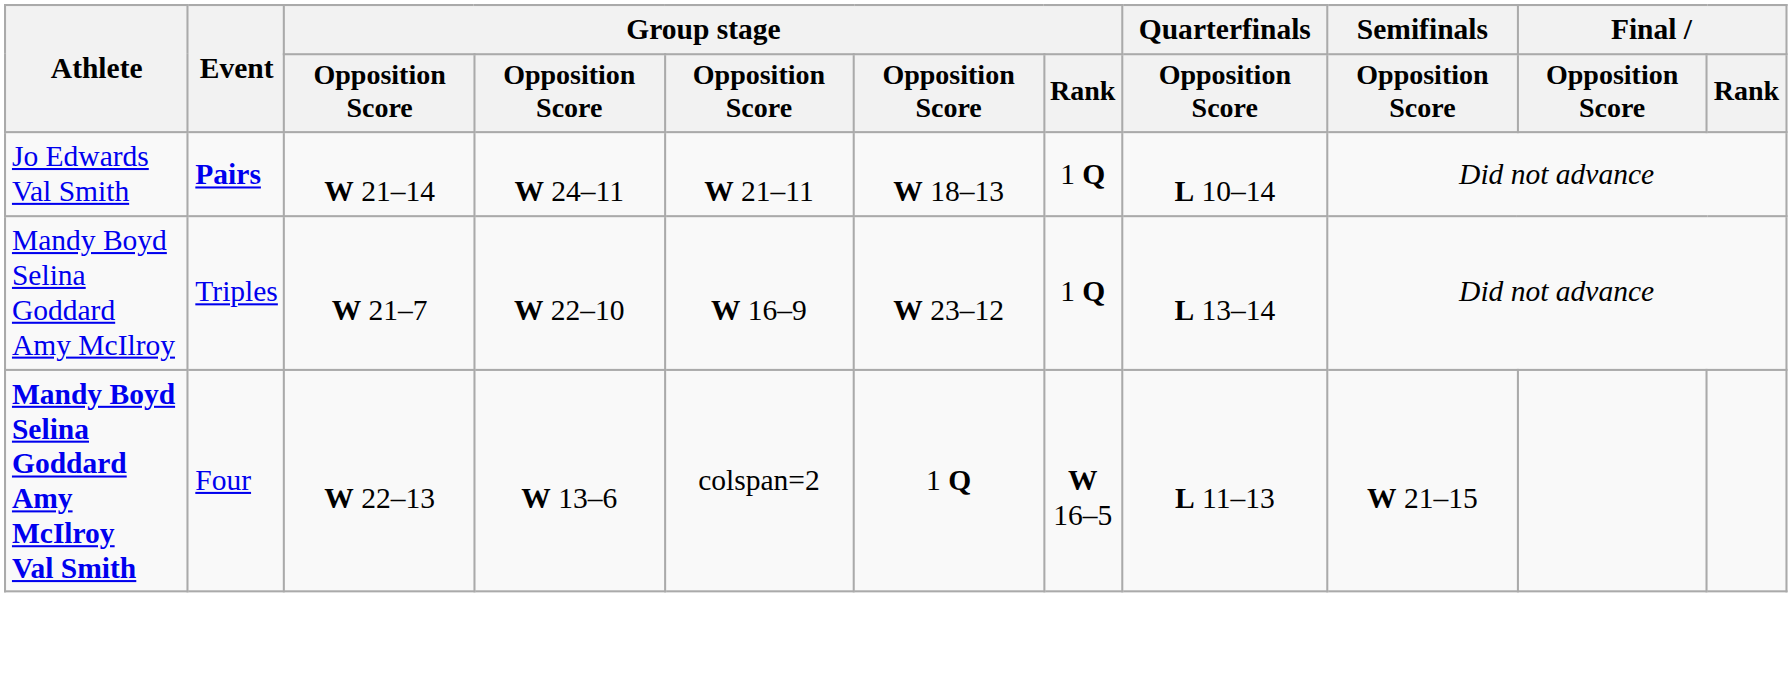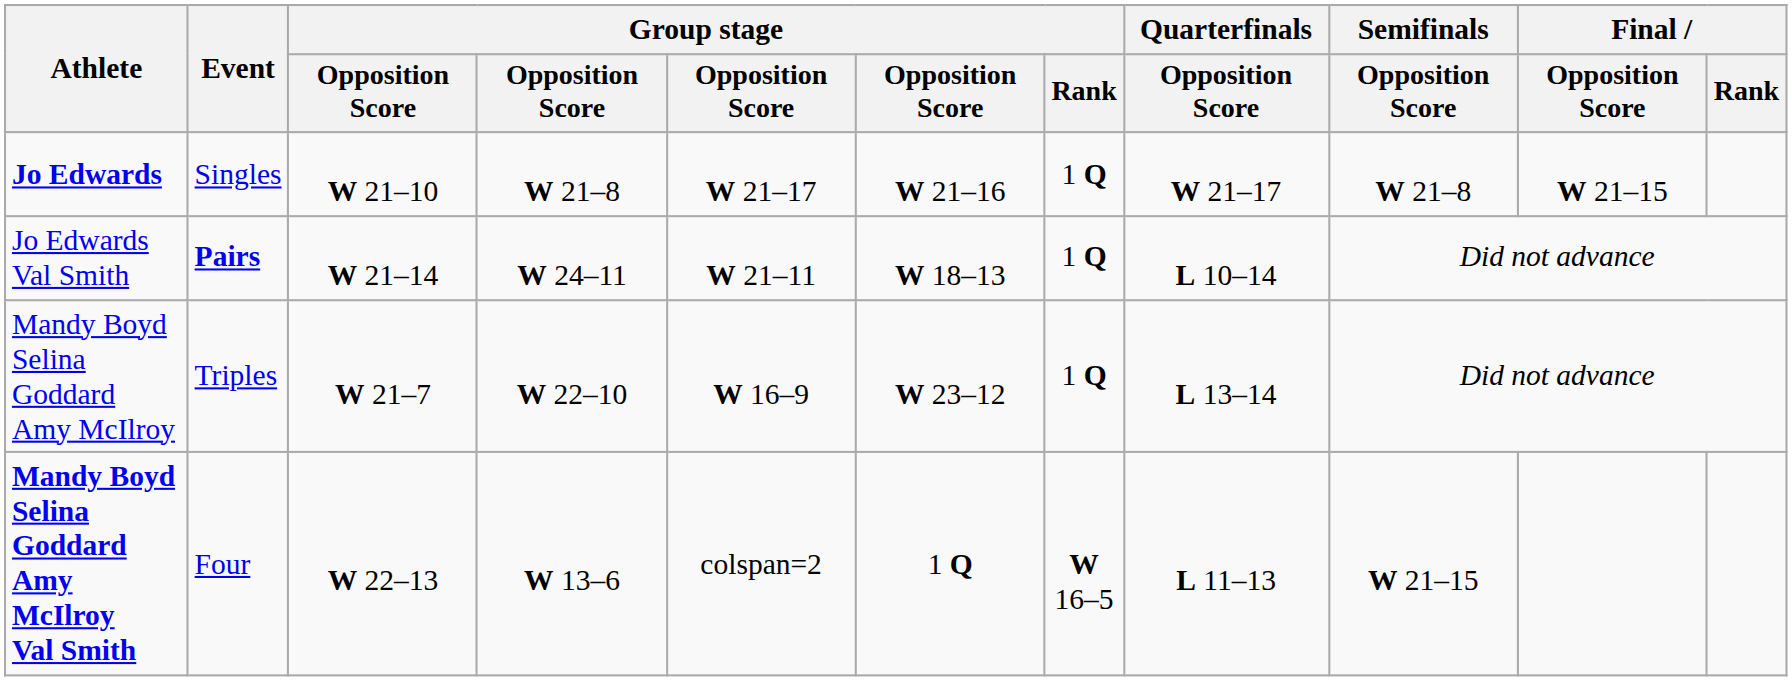 <table class=wikitable style="font-size:90%;text-align:center">
 <tr>
 <th width="100px" rowspan="2">Athlete</th>
 <th rowspan="2">Event</th>
 <th colspan=5>Group stage</th>
 <th>Quarterfinals</th>
 <th>Semifinals</th>
 <th colspan=2>Final / </th>
 </tr>
 <tr style="font-size:95%">
 <th width=100>Opposition<br>Score</th>
 <th width=100>Opposition<br>Score</th>
 <th width=100>Opposition<br>Score</th>
 <th width=100>Opposition<br>Score</th>
 <th>Rank</th>
 <th width=100>Opposition<br>Score</th>
 <th width=100>Opposition<br>Score</th>
 <th width=100>Opposition<br>Score</th>
 <th>Rank</th>
+</tr>
+<tr>
+<td align=left><strong><a href='#'>Jo Edwards</a></strong></td>
+<td align=left><a href='#'>Singles</a></td>
+<td><br><strong>W</strong> 21–10</td>
+<td><br><strong>W</strong> 21–8</td>
+<td><br><strong>W</strong> 21–17</td>
+<td><br><strong>W</strong> 21–16</td>
+<td>1 <strong>Q</strong></td>
+<td><br><strong>W</strong> 21–17</td>
+<td><br><strong>W</strong> 21–8</td>
+<td><br><strong>W</strong> 21–15</td>
+<td></td>
 </tr>
 <tr>
 <td align=left><a href='#'>Jo Edwards</a><br><a href='#'>Val Smith</a></td>
 <td align=left><strong><a href='#'>Pairs</a></strong></td>
 <td><br><strong>W</strong> 21–14</td>
 <td><br><strong>W</strong> 24–11</td>
 <td><br><strong>W</strong> 21–11</td>
 <td><br><strong>W</strong> 18–13</td>
 <td>1 <strong>Q</strong></td>
 <td><br><strong>L</strong> 10–14</td>
 <td colspan=3><em>Did not advance</em></td>
 </tr>
 <tr>
 <td align=left><a href='#'>Mandy Boyd</a><br><a href='#'>Selina Goddard</a><br><a href='#'>Amy McIlroy</a></td>
 <td align=left><a href='#'>Triples</a></td>
 <td><br><strong>W</strong> 21–7</td>
 <td><br><strong>W</strong> 22–10</td>
 <td><br><strong>W</strong> 16–9</td>
 <td><br><strong>W</strong> 23–12</td>
 <td>1 <strong>Q</strong></td>
 <td><br><strong>L</strong> 13–14</td>
 <td colspan=3><em>Did not advance</em></td>
 </tr>
 <tr>
 <td align=left><strong><a href='#'>Mandy Boyd</a><br><a href='#'>Selina Goddard</a><br><a href='#'>Amy McIlroy</a><br><a href='#'>Val Smith</a></strong></td>
 <td align=left><a href='#'>Four</a></td>
 <td><br><strong>W</strong> 22–13</td>
 <td><br><strong>W</strong> 13–6</td>
 <td>colspan=2 </td>
 <td>1 <strong>Q</strong></td>
 <td><br><strong>W</strong> 16–5</td>
 <td><br><strong>L</strong> 11–13</td>
 <td><br><strong>W</strong> 21–15</td>
 <td></td>
 </tr>
 </table>
